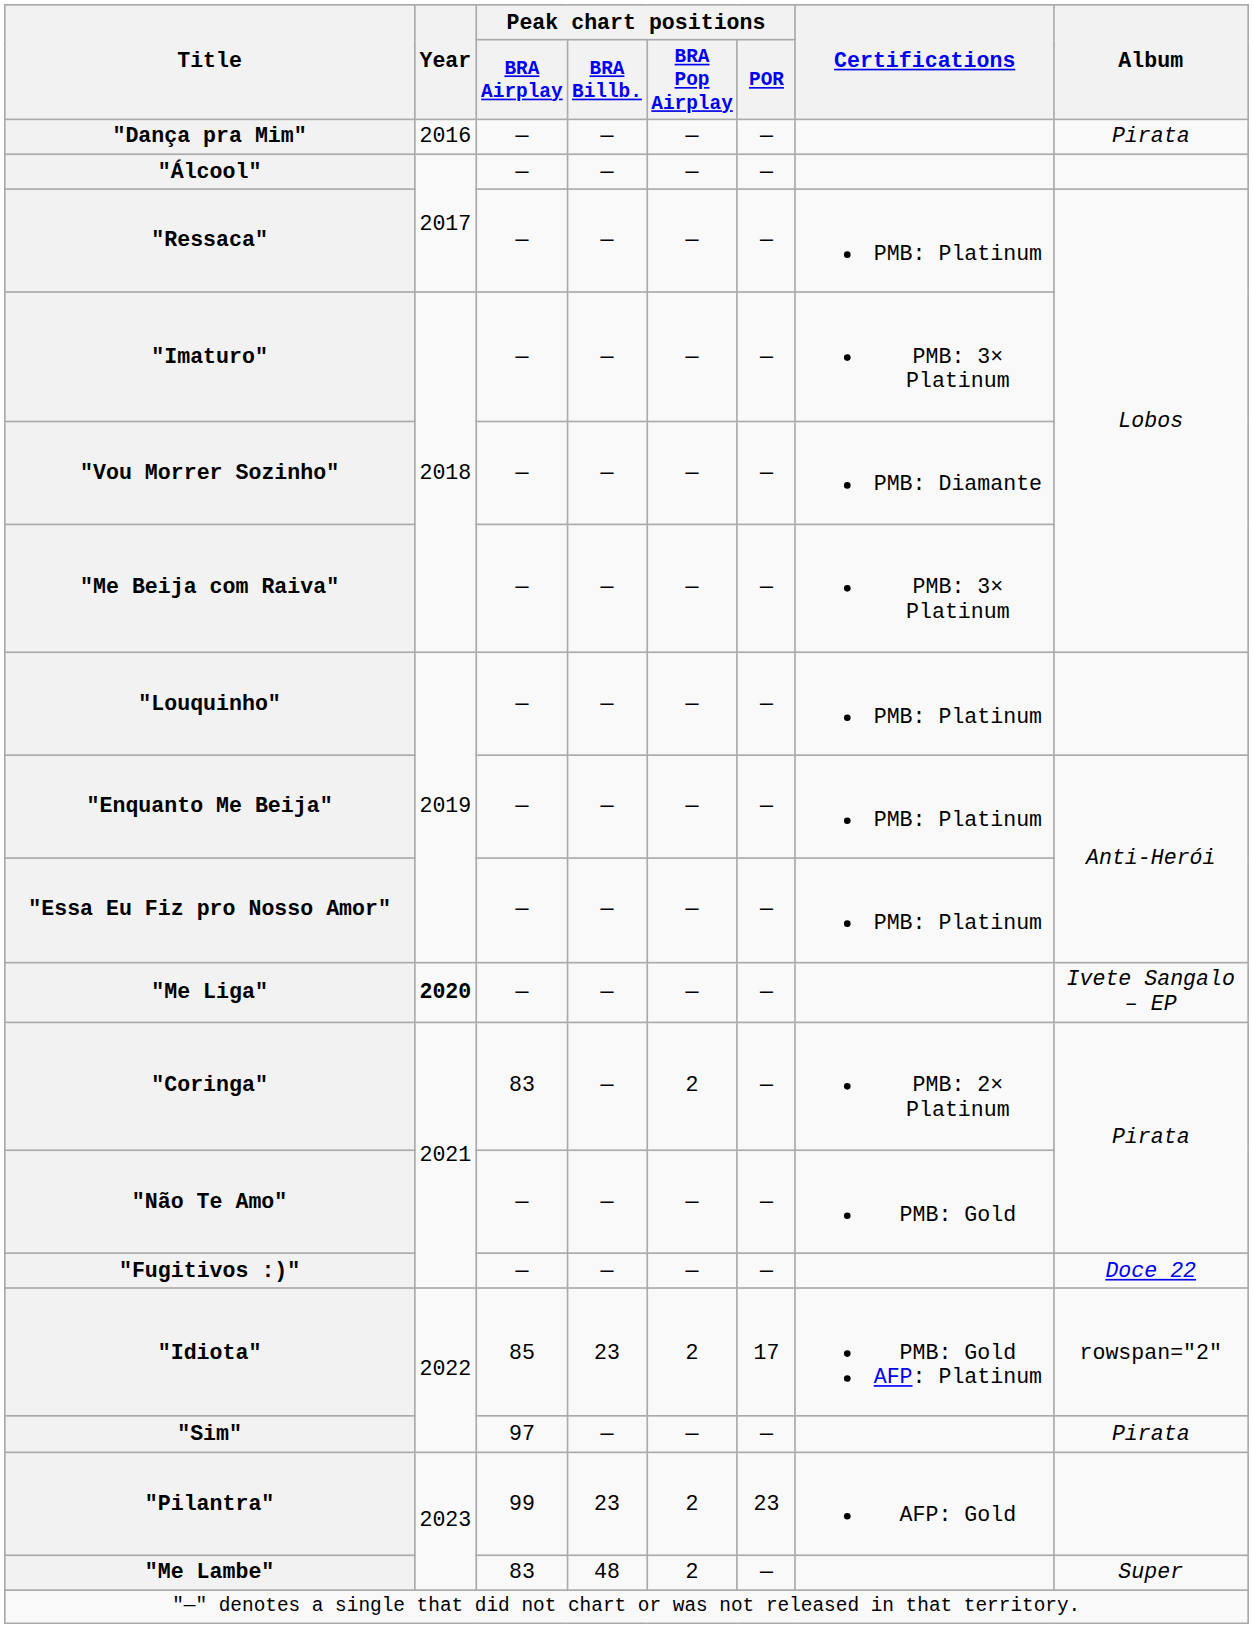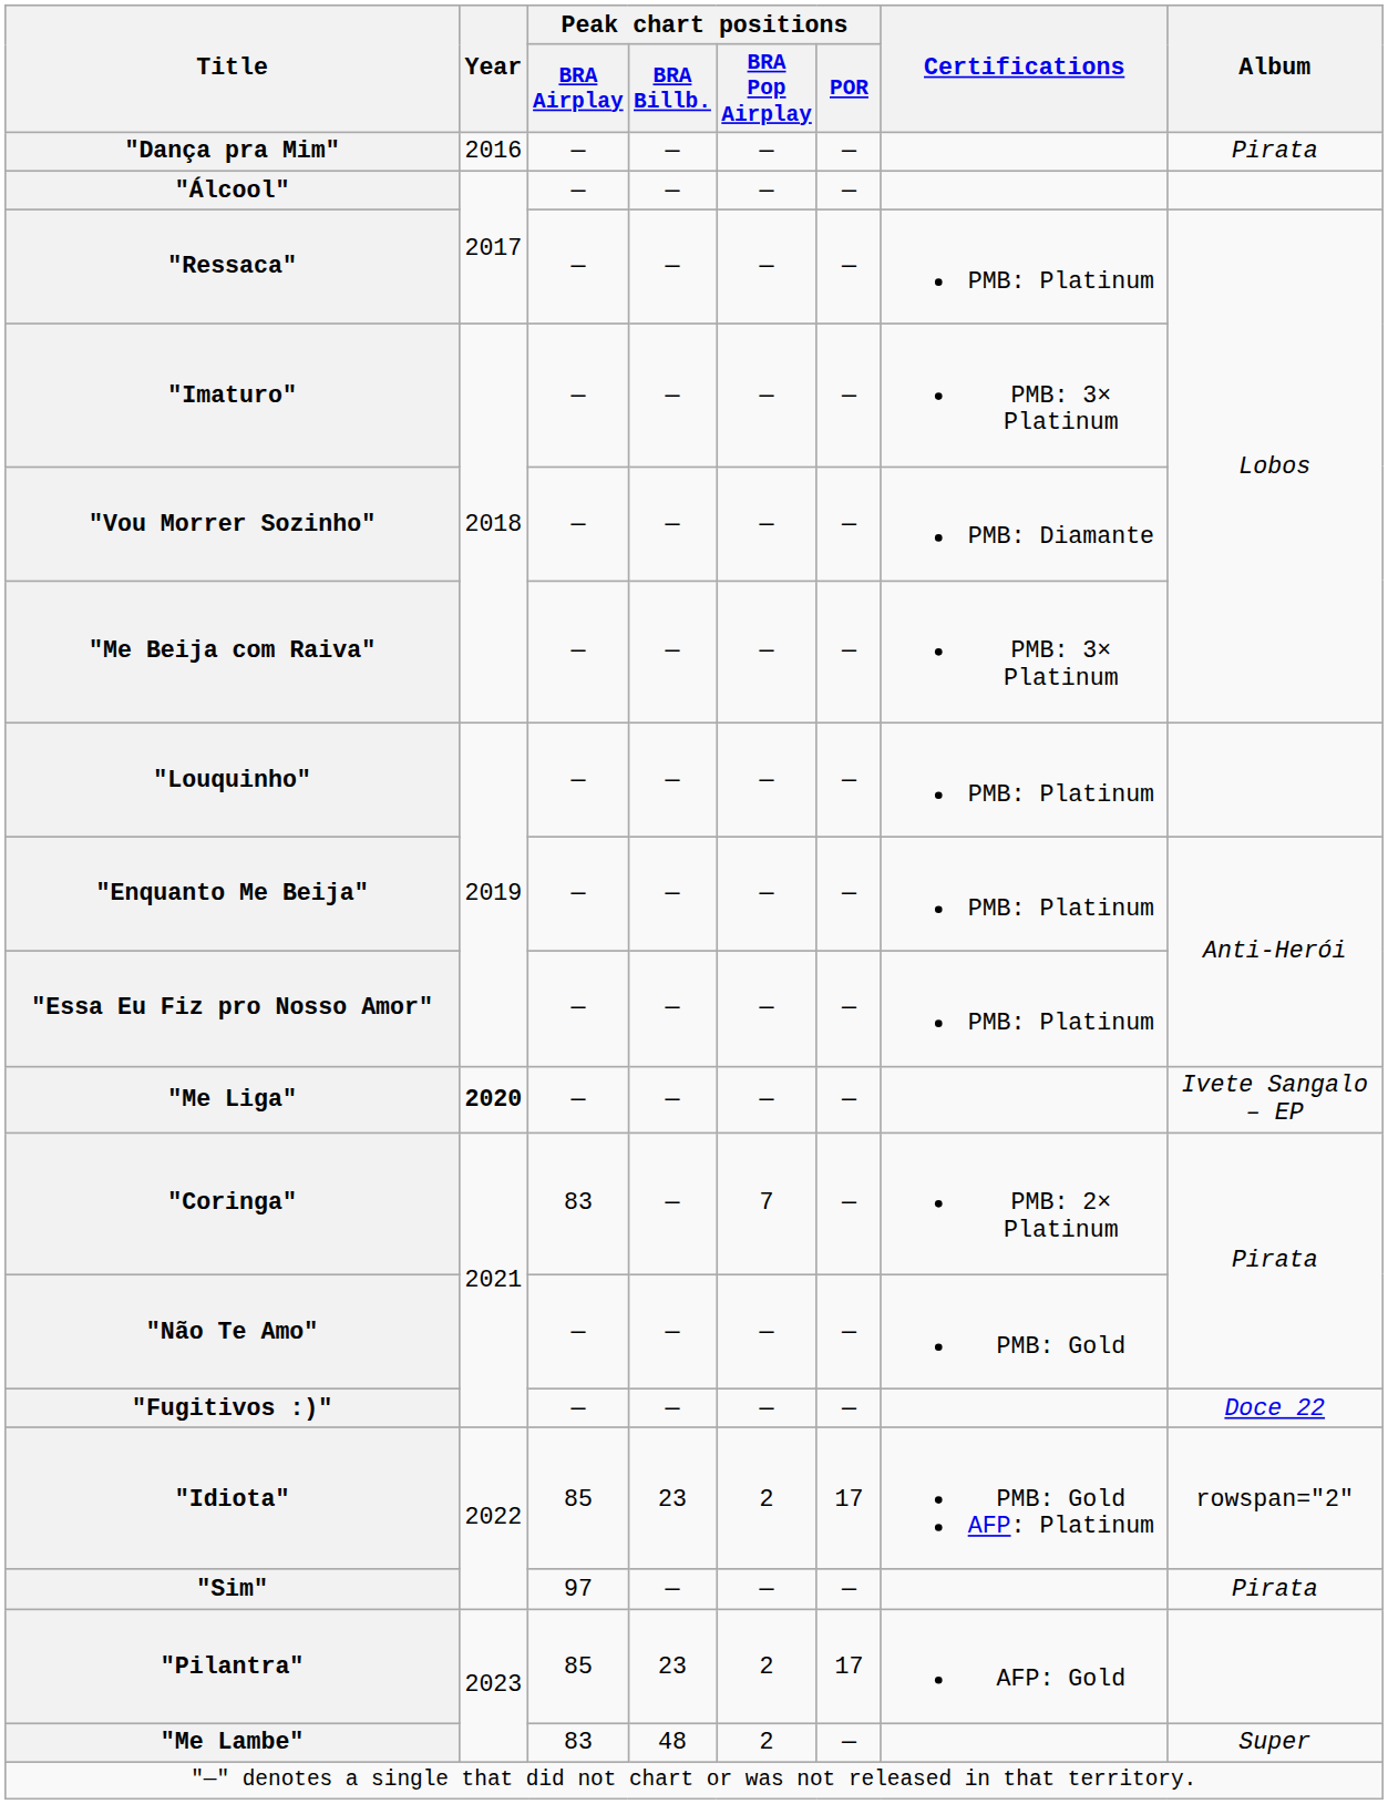 <table class="wikitable plainrowheaders" style="text-align:center;">
 <tr>
 <th scope="col" rowspan="2" style="width:18.5em;">Title</th>
 <th scope="col" rowspan="2">Year</th>
 <th scope="col" colspan="4">Peak chart positions</th>
 <th scope="col" rowspan="2" style="width:11.5em;"><a href='#'>Certifications</a></th>
 <th scope="col" rowspan="2" style="width:8.5em;">Album</th>
 </tr>
 <tr>
 <th scope="col" style="width:2.5em;font-size:90%;"><a href='#'>BRA<br>Airplay</a><br></th>
 <th scope="col" style="width:2.5em;font-size:90%;"><a href='#'>BRA<br>Billb.</a><br></th>
 <th scope="col" style="width:2.5em;font-size:90%;"><a href='#'>BRA<br>Pop<br>Airplay</a><br></th>
 <th scope="col" style="width:2.5em;font-size:90%;"><a href='#'>POR</a><br></th>
 </tr>
 <tr>
 <th scope="row">"Dança pra Mim"<br></th>
 <td>2016</td>
 <td>—</td>
 <td>—</td>
 <td>—</td>
 <td>—</td>
 <td></td>
 <td><em>Pirata</em></td>
 </tr>
 <tr>
 <th scope="row">"Álcool"</th>
 <td rowspan="2">2017</td>
 <td>—</td>
 <td>—</td>
 <td>—</td>
 <td>—</td>
 <td></td>
 </tr>
 <tr>
 <th scope="row">"Ressaca"</th>
 <td>—</td>
 <td>—</td>
 <td>—</td>
 <td>—</td>
 <td><br><ul><li>PMB: Platinum</li></ul></td>
 <td rowspan="4"><em>Lobos</em></td>
 </tr>
 <tr>
 <th scope="row">"Imaturo"</th>
 <td rowspan="3">2018</td>
 <td>—</td>
 <td>—</td>
 <td>—</td>
 <td>—</td>
 <td><br><ul><li>PMB: 3× Platinum</li></ul></td>
 </tr>
 <tr>
 <th scope="row">"Vou Morrer Sozinho"</th>
 <td>—</td>
 <td>—</td>
 <td>—</td>
 <td>—</td>
 <td><br><ul><li>PMB: Diamante</li></ul></td>
 </tr>
 <tr>
 <th scope="row">"Me Beija com Raiva"</th>
 <td>—</td>
 <td>—</td>
 <td>—</td>
 <td>—</td>
 <td><br><ul><li>PMB: 3× Platinum</li></ul></td>
 </tr>
 <tr>
 <th scope="row">"Louquinho"</th>
 <td rowspan="3">2019</td>
 <td>—</td>
 <td>—</td>
 <td>—</td>
 <td>—</td>
 <td><br><ul><li>PMB: Platinum</li></ul></td>
 <td></td>
 </tr>
 <tr>
 <th scope="row">"Enquanto Me Beija"</th>
 <td>—</td>
 <td>—</td>
 <td>—</td>
 <td>—</td>
 <td><br><ul><li>PMB: Platinum</li></ul></td>
 <td rowspan="2"><em>Anti-Herói</em></td>
 </tr>
 <tr>
 <th scope="row">"Essa Eu Fiz pro Nosso Amor"</th>
 <td>—</td>
 <td>—</td>
 <td>—</td>
 <td>—</td>
 <td><br><ul><li>PMB: Platinum</li></ul></td>
 </tr>
 <tr>
 <th scope="row">"Me Liga"<br></th>
 <td><strong>2020</strong></td>
 <td>—</td>
 <td>—</td>
 <td>—</td>
 <td>—</td>
 <td></td>
 <td><em>Ivete Sangalo – EP</em></td>
 </tr>
 <tr>
 <th scope="row">"Coringa"</th>
 <td rowspan="3">2021</td>
 <td>83</td>
 <td>—</td>
-<td>2</td>
+<td>7</td>
 <td>—</td>
 <td><br><ul><li>PMB: 2× Platinum</li></ul></td>
 <td rowspan="2"><em>Pirata</em></td>
 </tr>
 <tr>
 <th scope="row">"Não Te Amo"</th>
 <td>—</td>
 <td>—</td>
 <td>—</td>
 <td>—</td>
 <td><br><ul><li>PMB: Gold</li></ul></td>
 </tr>
 <tr>
 <th scope="row">"Fugitivos :)"<br></th>
 <td>—</td>
 <td>—</td>
 <td>—</td>
 <td>—</td>
 <td></td>
 <td><em><a href='#'>Doce 22</a></em></td>
 </tr>
 <tr>
 <th scope="row">"Idiota"</th>
 <td rowspan="2">2022</td>
 <td>85</td>
 <td>23</td>
 <td>2</td>
 <td>17</td>
 <td><br><ul><li>PMB: Gold</li><li><a href='#'>AFP</a>: Platinum</li></ul></td>
 <td>rowspan="2" </td>
 </tr>
 <tr>
 <th scope="row">"Sim"<br></th>
 <td>97</td>
 <td>—</td>
 <td>—</td>
 <td>—</td>
 <td></td>
 <td><em>Pirata</em></td>
 </tr>
 <tr>
 <th scope="row">"Pilantra"<br></th>
 <td rowspan="2">2023</td>
-<td>99</td>
+<td>85</td>
 <td>23</td>
 <td>2</td>
-<td>23</td>
+<td>17</td>
 <td><br><ul><li>AFP: Gold</li></ul></td>
 </tr>
 <tr>
 <th scope="row">"Me Lambe"</th>
 <td>83</td>
 <td>48</td>
 <td>2</td>
 <td>—</td>
 <td></td>
 <td><em>Super</em></td>
 </tr>
 <tr>
 <td colspan="8" style="font-size:90%">"—" denotes a single that did not chart or was not released in that territory.</td>
 </tr>
 </table>
